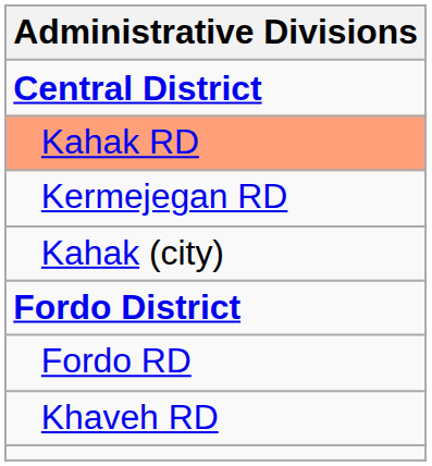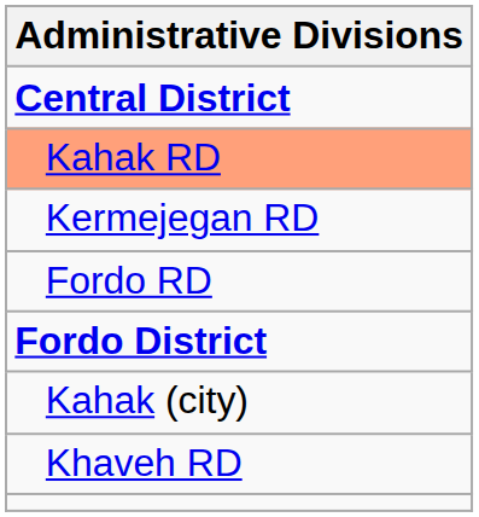 <table class="wikitable">
 <tr>
 <th>Administrative Divisions</th>
 </tr>
 <tr>
 <td><strong><a href='#'>Central District</a></strong></td>
 </tr>
 <tr>
 <td style="background: lightsalmon; padding-left: 1em;"><a href='#'>Kahak RD</a></td>
 </tr>
 <tr>
 <td style="padding-left: 1em;"><a href='#'>Kermejegan RD</a></td>
 </tr>
 <tr>
-<td style="padding-left: 1em;"><a href='#'>Kahak</a> (city)</td>
+<td style="padding-left: 1em;"><a href='#'>Fordo RD</a></td>
 </tr>
 <tr>
 <td><strong><a href='#'>Fordo District</a></strong></td>
 </tr>
 <tr>
-<td style="padding-left: 1em;"><a href='#'>Fordo RD</a></td>
+<td style="padding-left: 1em;"><a href='#'>Kahak</a> (city)</td>
 </tr>
 <tr>
 <td style="padding-left: 1em;"><a href='#'>Khaveh RD</a></td>
 </tr>
 <tr>
 <td colspan=1></td>
 </tr>
 </table>
